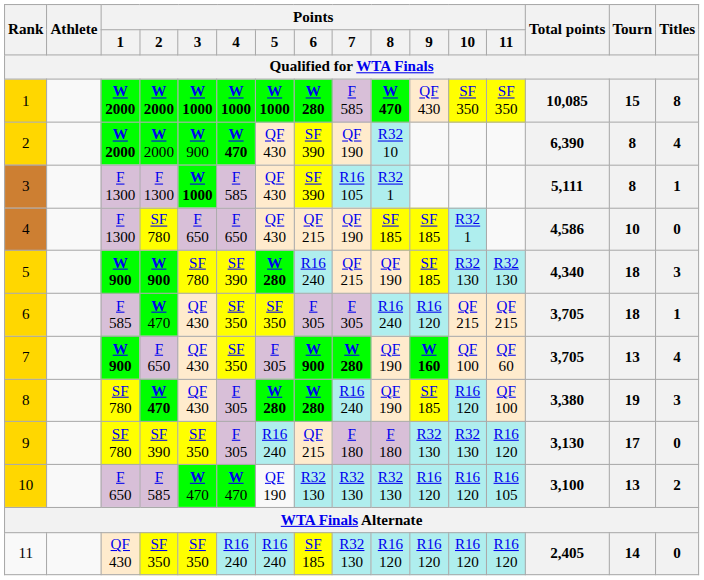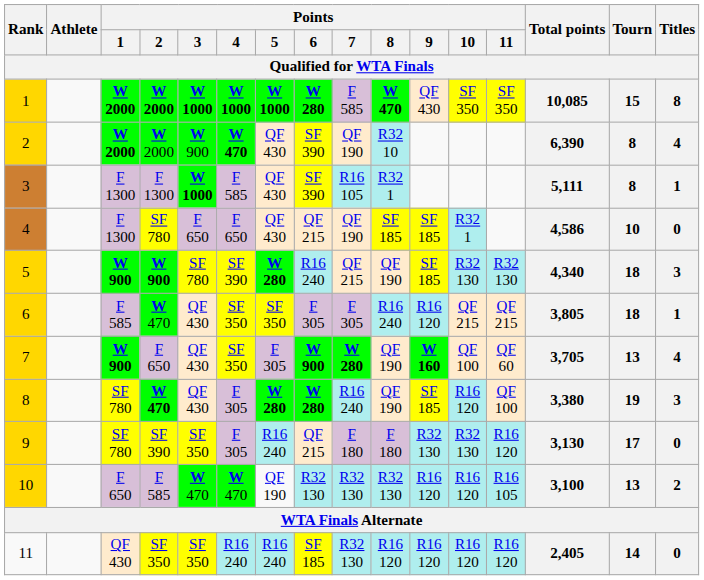 <table class=wikitable style=font-size:90%;text-align:center>
 <tr>
 <th rowspan=2>Rank</th>
 <th rowspan=2>Athlete</th>
 <th colspan=11>Points</th>
 <th rowspan=2>Total points</th>
 <th rowspan=2>Tourn</th>
 <th rowspan=2>Titles</th>
 </tr>
 <tr>
 <th width=30>1</th>
 <th width=30>2</th>
 <th width=30>3</th>
 <th width=30>4</th>
 <th width=30>5</th>
 <th width=30>6</th>
 <th width=30>7</th>
 <th width=30>8</th>
 <th width=30>9</th>
 <th width=30>10</th>
 <th width=30>11</th>
 </tr>
 <tr>
 <th colspan="17" align="central">Qualified for <a href='#'>WTA Finals</a></th>
 </tr>
 <tr>
 <td bgcolor=gold>1</td>
 <td align="left"> <br> </td>
 <td bgcolor=lime><strong><a href='#'>W</a></strong><br><strong>2000</strong></td>
 <td bgcolor=lime><strong><a href='#'>W</a></strong><br><strong>2000</strong></td>
 <td bgcolor=lime><strong><a href='#'>W</a></strong><br><strong>1000</strong></td>
 <td bgcolor=lime><strong><a href='#'>W</a></strong><br><strong>1000</strong></td>
 <td bgcolor=lime><strong><a href='#'>W</a></strong><br><strong>1000</strong></td>
 <td bgcolor=lime><strong><a href='#'>W</a></strong><br><strong>280</strong></td>
 <td style="background:thistle;"><a href='#'>F</a><br>585</td>
 <td bgcolor=lime><strong><a href='#'>W</a></strong><br><strong>470</strong></td>
 <td style="background:#ffebcd;"><a href='#'>QF</a><br>430</td>
 <td style="background:yellow;"><a href='#'>SF</a><br>350</td>
 <td style="background:yellow;"><a href='#'>SF</a><br>350</td>
 <th>10,085</th>
 <th>15</th>
 <th>8</th>
 </tr>
 <tr>
 <td bgcolor=gold>2</td>
 <td align="left"> <br> </td>
 <td bgcolor=lime><strong><a href='#'>W</a></strong><br><strong>2000</strong></td>
 <td bgcolor=lime><a href='#'><strong>W</strong></a><br>2000</td>
 <td bgcolor=lime><a href='#'><strong>W</strong></a><br>900</td>
 <td bgcolor=lime><strong><a href='#'>W</a></strong><br><strong>470</strong></td>
 <td style="background:#ffebcd;"><a href='#'>QF</a><br>430</td>
 <td style="background:yellow;"><a href='#'>SF</a><br>390</td>
 <td style="background:#ffebcd;"><a href='#'>QF</a><br>190</td>
 <td style="background:#afeeee;"><a href='#'>R32</a><br>10</td>
 <td></td>
 <td></td>
 <td></td>
 <th>6,390</th>
 <th>8</th>
 <th>4</th>
 </tr>
 <tr>
 <td style="background:#cd7f32;">3</td>
 <td align="left"> <br> </td>
 <td style="background:thistle;"><a href='#'>F</a><br>1300</td>
 <td style="background:thistle;"><a href='#'>F</a><br>1300</td>
 <td bgcolor=lime><strong><a href='#'>W</a></strong><br><strong>1000</strong></td>
 <td style="background:thistle;"><a href='#'>F</a><br>585</td>
 <td style="background:#ffebcd;"><a href='#'>QF</a><br>430</td>
 <td style="background:yellow;"><a href='#'>SF</a><br>390</td>
 <td style="background:#afeeee;"><a href='#'>R16</a><br>105</td>
 <td style="background:#afeeee;"><a href='#'>R32</a><br>1</td>
 <td></td>
 <td></td>
 <td></td>
 <th>5,111</th>
 <th>8</th>
 <th>1</th>
 </tr>
 <tr>
 <td style="background:#cd7f32;">4</td>
 <td align="left"> <br> </td>
 <td style="background:thistle;"><a href='#'>F</a><br>1300</td>
 <td style="background:yellow;"><a href='#'>SF</a><br>780</td>
 <td style="background:thistle;"><a href='#'>F</a><br>650</td>
 <td style="background:thistle;"><a href='#'>F</a><br>650</td>
 <td style="background:#ffebcd;"><a href='#'>QF</a><br>430</td>
 <td style="background:#ffebcd;"><a href='#'>QF</a><br>215</td>
 <td style="background:#ffebcd;"><a href='#'>QF</a><br>190</td>
 <td style="background:yellow;"><a href='#'>SF</a><br>185</td>
 <td style="background:yellow;"><a href='#'>SF</a><br>185</td>
 <td style="background:#afeeee;"><a href='#'>R32</a><br>1</td>
 <td></td>
 <th>4,586</th>
 <th>10</th>
 <th>0</th>
 </tr>
 <tr>
 <td bgcolor=gold>5</td>
 <td align="left"> <br> </td>
 <td bgcolor=lime><strong><a href='#'>W</a></strong><br><strong>900</strong></td>
 <td bgcolor=lime><strong><a href='#'>W</a></strong><br><strong>900</strong></td>
 <td style="background:yellow;"><a href='#'>SF</a><br>780</td>
 <td style="background:yellow;"><a href='#'>SF</a><br>390</td>
 <td bgcolor=lime><strong><a href='#'>W</a></strong><br><strong>280</strong></td>
 <td style="background:#afeeee;"><a href='#'>R16</a><br>240</td>
 <td style="background:#ffebcd;"><a href='#'>QF</a><br>215</td>
 <td style="background:#ffebcd;"><a href='#'>QF</a><br>190</td>
 <td style="background:yellow;"><a href='#'>SF</a><br>185</td>
 <td style="background:#afeeee;"><a href='#'>R32</a><br>130</td>
 <td style="background:#afeeee;"><a href='#'>R32</a><br>130</td>
 <th>4,340</th>
 <th>18</th>
 <th>3</th>
 </tr>
 <tr>
 <td bgcolor=gold>6</td>
 <td align="left"> <br> </td>
 <td style="background:thistle;"><a href='#'>F</a><br>585</td>
 <td bgcolor=lime><a href='#'><strong>W</strong></a><br>470</td>
 <td style="background:#ffebcd;"><a href='#'>QF</a><br>430</td>
 <td style="background:yellow;"><a href='#'>SF</a><br>350</td>
 <td style="background:yellow;"><a href='#'>SF</a><br>350</td>
 <td style="background:thistle;"><a href='#'>F</a><br>305</td>
 <td style="background:thistle;"><a href='#'>F</a><br>305</td>
 <td style="background:#afeeee;"><a href='#'>R16</a><br>240</td>
 <td style="background:#afeeee;"><a href='#'>R16</a><br>120</td>
 <td style="background:#ffebcd;"><a href='#'>QF</a><br>215</td>
 <td style="background:#ffebcd;"><a href='#'>QF</a><br>215</td>
-<th>3,705</th>
+<th>3,805</th>
 <th>18</th>
 <th>1</th>
 </tr>
 <tr>
 <td bgcolor=gold>7</td>
 <td align="left"> <br> </td>
 <td bgcolor=lime><strong><a href='#'>W</a></strong><br><strong>900</strong></td>
 <td style="background:thistle;"><a href='#'>F</a><br>650</td>
 <td style="background:#ffebcd;"><a href='#'>QF</a><br>430</td>
 <td style="background:yellow;"><a href='#'>SF</a><br>350</td>
 <td style="background:thistle;"><a href='#'>F</a><br>305</td>
 <td bgcolor=lime><strong><a href='#'>W</a></strong><br><strong>900</strong></td>
 <td bgcolor=lime><strong><a href='#'>W</a></strong><br><strong>280</strong></td>
 <td style="background:#ffebcd;"><a href='#'>QF</a><br>190</td>
 <td bgcolor=lime><strong><a href='#'>W</a></strong><br><strong>160</strong></td>
 <td style="background:#ffebcd;"><a href='#'>QF</a><br>100</td>
 <td style="background:#ffebcd;"><a href='#'>QF</a><br>60</td>
 <th>3,705</th>
 <th>13</th>
 <th>4</th>
 </tr>
 <tr>
 <td bgcolor=gold>8</td>
 <td align="left"> <br> </td>
 <td style="background:yellow;"><a href='#'>SF</a><br>780</td>
 <td bgcolor=lime><strong><a href='#'>W</a></strong><br><strong>470</strong></td>
 <td style="background:#ffebcd;"><a href='#'>QF</a><br>430</td>
 <td style="background:thistle;"><a href='#'>F</a><br>305</td>
 <td bgcolor=lime><strong><a href='#'>W</a></strong><br><strong>280</strong></td>
 <td bgcolor=lime><strong><a href='#'>W</a></strong><br><strong>280</strong></td>
 <td style="background:#afeeee;"><a href='#'>R16</a><br>240</td>
 <td style="background:#ffebcd;"><a href='#'>QF</a><br>190</td>
 <td style="background:yellow;"><a href='#'>SF</a><br>185</td>
 <td style="background:#afeeee;"><a href='#'>R16</a><br>120</td>
 <td style="background:#ffebcd;"><a href='#'>QF</a><br>100</td>
 <th>3,380</th>
 <th>19</th>
 <th>3</th>
 </tr>
 <tr>
 <td bgcolor=gold>9</td>
 <td align="left"> <br> </td>
 <td style="background:yellow;"><a href='#'>SF</a><br>780</td>
 <td style="background:yellow;"><a href='#'>SF</a><br>390</td>
 <td style="background:yellow;"><a href='#'>SF</a><br>350</td>
 <td style="background:thistle;"><a href='#'>F</a><br>305</td>
 <td style="background:#afeeee;"><a href='#'>R16</a><br>240</td>
 <td style="background:#ffebcd;"><a href='#'>QF</a><br>215</td>
 <td style="background:thistle;"><a href='#'>F</a><br>180</td>
 <td style="background:thistle;"><a href='#'>F</a><br>180</td>
 <td style="background:#afeeee;"><a href='#'>R32</a><br>130</td>
 <td style="background:#afeeee;"><a href='#'>R32</a><br>130</td>
 <td style="background:#afeeee;"><a href='#'>R16</a><br>120</td>
 <th>3,130</th>
 <th>17</th>
 <th>0</th>
 </tr>
 <tr>
 <td bgcolor=gold>10</td>
 <td align="left"> <br> </td>
 <td style="background:thistle;"><a href='#'>F</a><br>650</td>
 <td style="background:thistle;"><a href='#'>F</a><br>585</td>
 <td bgcolor=lime><strong><a href='#'>W</a></strong><br>470</td>
 <td bgcolor=lime><strong><a href='#'>W</a></strong><br>470</td>
 <td style="background:#ffebc;"><a href='#'>QF</a><br>190</td>
 <td style="background:#afeeee;"><a href='#'>R32</a><br>130</td>
 <td style="background:#afeeee;"><a href='#'>R32</a><br>130</td>
 <td style="background:#afeeee;"><a href='#'>R32</a><br>130</td>
 <td style="background:#afeeee;"><a href='#'>R16</a><br>120</td>
 <td style="background:#afeeee;"><a href='#'>R16</a><br>120</td>
 <td style="background:#afeeee;"><a href='#'>R16</a><br>105</td>
 <th>3,100</th>
 <th>13</th>
 <th>2</th>
 </tr>
 <tr>
 <th colspan="17" align="central"><a href='#'>WTA Finals</a> Alternate</th>
 </tr>
 <tr>
 <td>11</td>
 <td align="left"> <br> </td>
 <td style="background:#ffebcd;"><a href='#'>QF</a><br>430</td>
 <td style="background:yellow;"><a href='#'>SF</a><br>350</td>
 <td style="background:yellow;"><a href='#'>SF</a><br>350</td>
 <td style="background:#afeeee;"><a href='#'>R16</a><br>240</td>
 <td style="background:#afeeee;"><a href='#'>R16</a><br>240</td>
 <td style="background:yellow;"><a href='#'>SF</a><br>185</td>
 <td style="background:#afeeee;"><a href='#'>R32</a><br>130</td>
 <td style="background:#afeeee;"><a href='#'>R16</a><br>120</td>
 <td style="background:#afeeee;"><a href='#'>R16</a><br>120</td>
 <td style="background:#afeeee;"><a href='#'>R16</a><br>120</td>
 <td style="background:#afeeee;"><a href='#'>R16</a><br>120</td>
 <th>2,405</th>
 <th>14</th>
 <th>0</th>
 </tr>
 </table>
